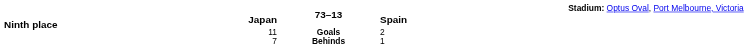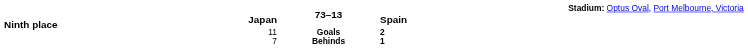 <table style="width: 100%; background: transparent;" cellspacing="0">
 <tr>
 <td align=center valign=center rowspan=3 width=15%><strong>Ninth place</strong></td>
 </tr>
 <tr>
 <td width=24% align=right><br><strong>Japan</strong></td>
 <td align=center width=13%><strong>73–13</strong></td>
 <td width=24%><br><strong>Spain</strong></td>
 <td style=font-size:85% rowspan=2 valign=top><strong>Stadium:</strong> <a href='#'>Optus Oval</a>, <a href='#'>Port Melbourne, Victoria</a></td>
 </tr>
 <tr style=font-size:85%>
 <td align=right valign=top>11<br> 7</td>
 <td align=center valign=top><strong>Goals <br>Behinds</strong></td>
-<td valign=top>2<br> 1</td>
+<td valign=top><strong>2<br> 1</strong></td>
 </tr>
 </table>
